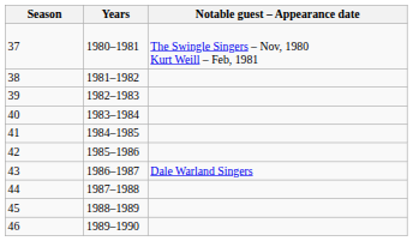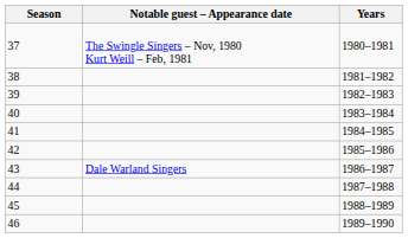 <table class="wikitable collapsible" width="550">
 <tr>
 <th scope="col" width="100px">Season</th>
+<th>Notable guest – Appearance date</th>
 <th scope="col" width="80px">Years</th>
-<th>Notable guest – Appearance date</th>
 </tr>
 <tr>
 <td>37</td>
+<td><br><a href='#'>The Swingle Singers</a> – Nov, 1980<br> <a href='#'>Kurt Weill</a> – Feb, 1981</td>
 <td>1980–1981</td>
-<td><br><a href='#'>The Swingle Singers</a> – Nov, 1980<br> <a href='#'>Kurt Weill</a> – Feb, 1981</td>
 </tr>
 <tr>
 <td>38</td>
+<td></td>
 <td>1981–1982</td>
-<td></td>
 </tr>
 <tr>
 <td>39</td>
+<td></td>
 <td>1982–1983</td>
-<td></td>
 </tr>
 <tr>
 <td>40</td>
+<td></td>
 <td>1983–1984</td>
-<td></td>
 </tr>
 <tr>
 <td>41</td>
+<td></td>
 <td>1984–1985</td>
-<td></td>
 </tr>
 <tr>
 <td>42</td>
+<td></td>
 <td>1985–1986</td>
-<td></td>
 </tr>
 <tr>
 <td>43</td>
+<td><a href='#'>Dale Warland Singers</a></td>
 <td>1986–1987</td>
-<td><a href='#'>Dale Warland Singers</a></td>
 </tr>
 <tr>
 <td>44</td>
+<td></td>
 <td>1987–1988</td>
-<td></td>
 </tr>
 <tr>
 <td>45</td>
+<td></td>
 <td>1988–1989</td>
-<td></td>
 </tr>
 <tr>
 <td>46</td>
+<td></td>
 <td>1989–1990</td>
-<td></td>
 </tr>
 </table>
